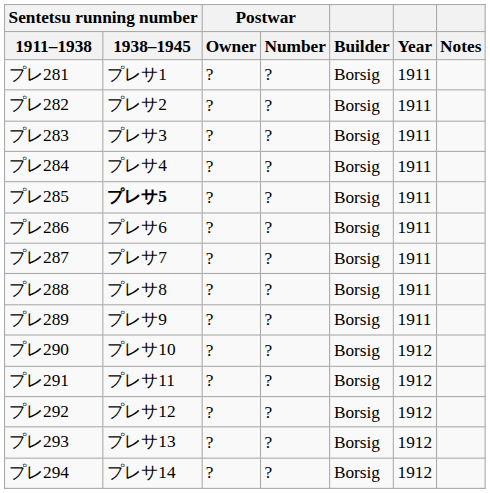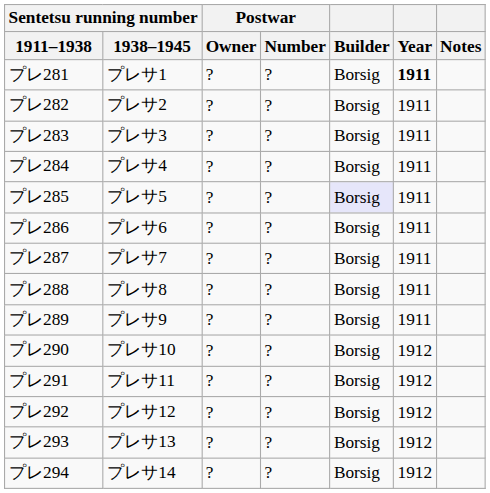 <table class="wikitable">
 <tr>
 <th colspan="2">Sentetsu running number</th>
 <th colspan="2">Postwar</th>
 <th></th>
 <th></th>
 <th></th>
 </tr>
 <tr>
 <th>1911–1938</th>
 <th>1938–1945</th>
 <th>Owner</th>
 <th>Number</th>
 <th>Builder</th>
 <th>Year</th>
 <th>Notes</th>
 </tr>
 <tr>
 <td>プレ281</td>
 <td>プレサ1</td>
 <td>?</td>
 <td>?</td>
 <td>Borsig</td>
-<td>1911</td>
+<td><strong>1911</strong></td>
 <td></td>
 </tr>
 <tr>
 <td>プレ282</td>
 <td>プレサ2</td>
 <td>?</td>
 <td>?</td>
 <td>Borsig</td>
 <td>1911</td>
 <td></td>
 </tr>
 <tr>
 <td>プレ283</td>
 <td>プレサ3</td>
 <td>?</td>
 <td>?</td>
 <td>Borsig</td>
 <td>1911</td>
 <td></td>
 </tr>
 <tr>
 <td>プレ284</td>
 <td>プレサ4</td>
 <td>?</td>
 <td>?</td>
 <td>Borsig</td>
 <td>1911</td>
 <td></td>
 </tr>
 <tr>
 <td>プレ285</td>
-<td><strong>プレサ5</strong></td>
+<td>プレサ5</td>
 <td>?</td>
 <td>?</td>
-<td>Borsig</td>
+<td style="background: lavender;">Borsig</td>
 <td>1911</td>
 <td></td>
 </tr>
 <tr>
 <td>プレ286</td>
 <td>プレサ6</td>
 <td>?</td>
 <td>?</td>
 <td>Borsig</td>
 <td>1911</td>
 <td></td>
 </tr>
 <tr>
 <td>プレ287</td>
 <td>プレサ7</td>
 <td>?</td>
 <td>?</td>
 <td>Borsig</td>
 <td>1911</td>
 <td></td>
 </tr>
 <tr>
 <td>プレ288</td>
 <td>プレサ8</td>
 <td>?</td>
 <td>?</td>
 <td>Borsig</td>
 <td>1911</td>
 <td></td>
 </tr>
 <tr>
 <td>プレ289</td>
 <td>プレサ9</td>
 <td>?</td>
 <td>?</td>
 <td>Borsig</td>
 <td>1911</td>
 <td></td>
 </tr>
 <tr>
 <td>プレ290</td>
 <td>プレサ10</td>
 <td>?</td>
 <td>?</td>
 <td>Borsig</td>
 <td>1912</td>
 <td></td>
 </tr>
 <tr>
 <td>プレ291</td>
 <td>プレサ11</td>
 <td>?</td>
 <td>?</td>
 <td>Borsig</td>
 <td>1912</td>
 <td></td>
 </tr>
 <tr>
 <td>プレ292</td>
 <td>プレサ12</td>
 <td>?</td>
 <td>?</td>
 <td>Borsig</td>
 <td>1912</td>
 <td></td>
 </tr>
 <tr>
 <td>プレ293</td>
 <td>プレサ13</td>
 <td>?</td>
 <td>?</td>
 <td>Borsig</td>
 <td>1912</td>
 <td></td>
 </tr>
 <tr>
 <td>プレ294</td>
 <td>プレサ14</td>
 <td>?</td>
 <td>?</td>
 <td>Borsig</td>
 <td>1912</td>
 <td></td>
 </tr>
 </table>
